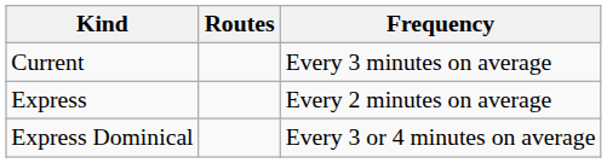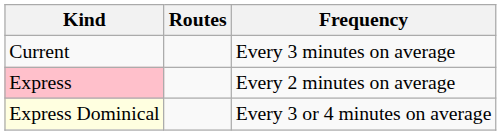 <table class="wikitable" style="margin:1em auto;">
 <tr>
 <th>Kind</th>
 <th>Routes</th>
 <th>Frequency</th>
 </tr>
 <tr>
 <td>Current</td>
 <td>  </td>
 <td>Every 3 minutes on average</td>
 </tr>
 <tr>
-<td>Express</td>
+<td style="background: pink;">Express</td>
 <td>   </td>
 <td>Every 2 minutes on average</td>
 </tr>
 <tr>
-<td>Express Dominical</td>
+<td style="background: lightyellow;">Express Dominical</td>
 <td> </td>
 <td>Every 3 or 4 minutes on average</td>
 </tr>
 </table>
